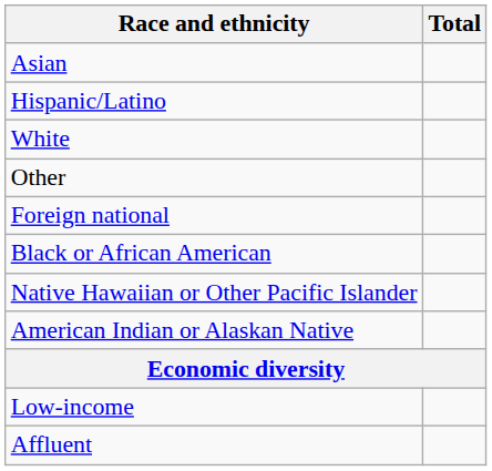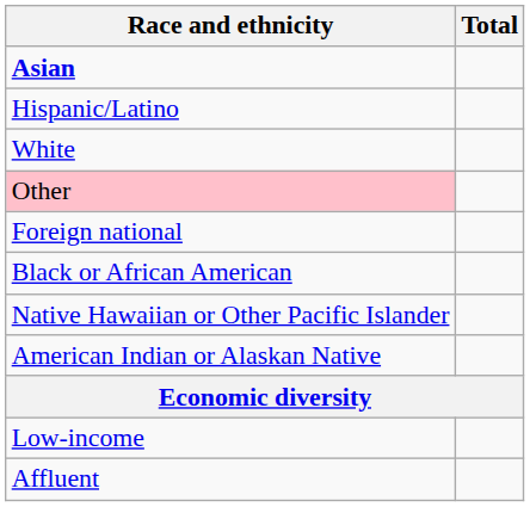 <table class="wikitable floatright sortable collapsible"; text-align:left; font-size:85%; clear:right; margin-left:1em;">
 <tr>
 <th>Race and ethnicity</th>
 <th colspan="2" data-sort-type=number>Total</th>
 </tr>
 <tr>
-<td><a href='#'>Asian</a></td>
+<td><strong><a href='#'>Asian</a></strong></td>
 <td align=right></td>
 </tr>
 <tr>
 <td><a href='#'>Hispanic/Latino</a></td>
 <td align=right></td>
 </tr>
 <tr>
 <td><a href='#'>White</a></td>
 <td align=right></td>
 </tr>
 <tr>
-<td>Other</td>
+<td style="background: pink;">Other</td>
 <td align=right></td>
 </tr>
 <tr>
 <td><a href='#'>Foreign national</a></td>
 <td align=right></td>
 </tr>
 <tr>
 <td><a href='#'>Black or African American</a></td>
 <td align=right></td>
 </tr>
 <tr>
 <td><a href='#'>Native Hawaiian or Other Pacific Islander</a></td>
 <td align=right></td>
 </tr>
 <tr>
 <td><a href='#'>American Indian or Alaskan Native</a></td>
 <td align=right></td>
 </tr>
 <tr>
 <th colspan="4" data-sort-type=number><a href='#'>Economic diversity</a></th>
 </tr>
 <tr>
 <td><a href='#'>Low-income</a></td>
 <td align=right></td>
 </tr>
 <tr>
 <td><a href='#'>Affluent</a></td>
 <td align=right></td>
 </tr>
 </table>
